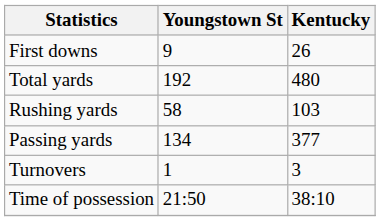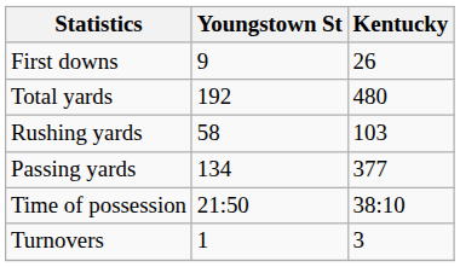 <table class="wikitable" style="float: left;">
 <tr>
 <th>Statistics</th>
 <th>Youngstown St</th>
 <th>Kentucky</th>
 </tr>
 <tr>
 <td>First downs</td>
 <td>9</td>
 <td>26</td>
 </tr>
 <tr>
 <td>Total yards</td>
 <td>192</td>
 <td>480</td>
 </tr>
 <tr>
 <td>Rushing yards</td>
 <td>58</td>
 <td>103</td>
 </tr>
 <tr>
 <td>Passing yards</td>
 <td>134</td>
 <td>377</td>
 </tr>
 <tr>
+<td>Time of possession</td>
+<td>21:50</td>
+<td>38:10</td>
+</tr>
+<tr>
 <td>Turnovers</td>
 <td>1</td>
 <td>3</td>
 </tr>
 <tr>
-<td>Time of possession</td>
-<td>21:50</td>
-<td>38:10</td>
-</tr>
-<tr>
 </tr>
 </table>
